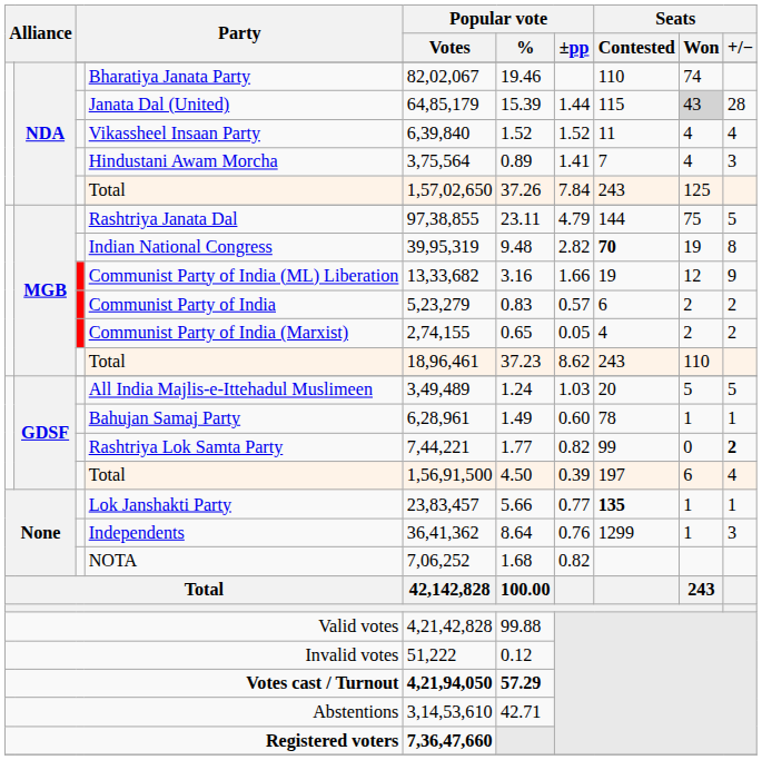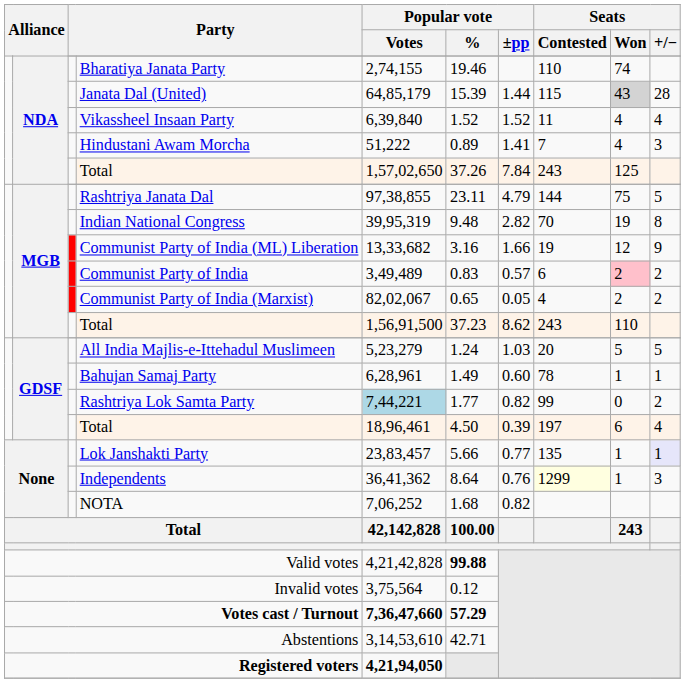 <table class="wikitable sortable">
 <tr>
 <th colspan="2" rowspan="2">Alliance</th>
 <th colspan="2" rowspan="2">Party</th>
 <th colspan="3">Popular vote</th>
 <th colspan="3">Seats</th>
 </tr>
 <tr>
 <th>Votes</th>
 <th>%</th>
 <th>±<a href='#'>pp</a></th>
 <th>Contested</th>
 <th>Won</th>
 <th><strong>+/−</strong></th>
 </tr>
 <tr>
 <td rowspan=6></td>
 <th rowspan=6><a href='#'>NDA</a></th>
 </tr>
 <tr>
 <td></td>
 <td><a href='#'>Bharatiya Janata Party</a></td>
-<td>82,02,067</td>
+<td>2,74,155</td>
 <td>19.46</td>
 <td></td>
 <td>110</td>
 <td>74</td>
 <td></td>
 </tr>
 <tr>
 <td></td>
 <td><a href='#'>Janata Dal (United)</a></td>
 <td>64,85,179</td>
 <td>15.39</td>
 <td>1.44</td>
 <td>115</td>
 <td style="background: lightgrey;">43</td>
 <td> 28</td>
 </tr>
 <tr>
 <td></td>
 <td><a href='#'>Vikassheel Insaan Party</a></td>
 <td>6,39,840</td>
 <td>1.52</td>
 <td>1.52</td>
 <td>11</td>
 <td>4</td>
 <td> 4</td>
 </tr>
 <tr>
 <td></td>
 <td><a href='#'>Hindustani Awam Morcha</a></td>
-<td>3,75,564</td>
+<td>51,222</td>
 <td>0.89</td>
 <td>1.41</td>
 <td>7</td>
 <td>4</td>
 <td>3</td>
 </tr>
 <tr>
 <td></td>
 <td style="color:inherit;background:#fef3e8">Total</td>
 <td style="color:inherit;background:#fef3e8">1,57,02,650</td>
 <td style="color:inherit;background:#fef3e8">37.26</td>
 <td style="color:inherit;background:#fef3e8">7.84</td>
 <td style="color:inherit;background:#fef3e8">243</td>
 <td style="color:inherit;background:#fef3e8">125</td>
 <td style="color:inherit;background:#fef3e8"></td>
 </tr>
 <tr>
 <td rowspan=7></td>
 <th rowspan=7><a href='#'>MGB</a></th>
 </tr>
 <tr>
 <td></td>
 <td><a href='#'>Rashtriya Janata Dal</a></td>
 <td>97,38,855</td>
 <td>23.11</td>
 <td>4.79</td>
 <td>144</td>
 <td>75</td>
 <td> 5</td>
 </tr>
 <tr>
 <td></td>
 <td><a href='#'>Indian National Congress</a></td>
 <td>39,95,319</td>
 <td>9.48</td>
 <td>2.82</td>
-<td><strong>70</strong></td>
+<td>70</td>
 <td>19</td>
 <td> 8</td>
 </tr>
 <tr>
 <td bgcolor="red"></td>
 <td><a href='#'>Communist Party of India (ML) Liberation</a></td>
 <td>13,33,682</td>
 <td>3.16</td>
 <td>1.66</td>
 <td>19</td>
 <td>12</td>
 <td> 9</td>
 </tr>
 <tr>
 <td bgcolor="red"></td>
 <td><a href='#'>Communist Party of India</a></td>
-<td>5,23,279</td>
+<td>3,49,489</td>
 <td>0.83</td>
 <td>0.57</td>
 <td>6</td>
-<td>2</td>
+<td style="background: pink;">2</td>
 <td> 2</td>
 </tr>
 <tr>
 <td bgcolor="red"></td>
 <td><a href='#'>Communist Party of India (Marxist)</a></td>
-<td>2,74,155</td>
+<td>82,02,067</td>
 <td>0.65</td>
 <td>0.05</td>
 <td>4</td>
 <td>2</td>
 <td> 2</td>
 </tr>
 <tr>
 <td></td>
 <td style="color:inherit;background:#fef3e8">Total</td>
-<td style="color:inherit;background:#fef3e8">18,96,461</td>
+<td style="color:inherit;background:#fef3e8">1,56,91,500</td>
 <td style="color:inherit;background:#fef3e8">37.23</td>
 <td style="color:inherit;background:#fef3e8">8.62</td>
 <td style="color:inherit;background:#fef3e8">243</td>
 <td style="color:inherit;background:#fef3e8">110</td>
 <td style="color:inherit;background:#fef3e8"></td>
 </tr>
 <tr>
 <td rowspan=5></td>
 <th rowspan=5><a href='#'>GDSF</a></th>
 </tr>
 <tr>
 <td></td>
 <td><a href='#'>All India Majlis-e-Ittehadul Muslimeen</a></td>
-<td>3,49,489</td>
+<td>5,23,279</td>
 <td>1.24</td>
 <td>1.03</td>
 <td>20</td>
 <td>5</td>
 <td> 5</td>
 </tr>
 <tr>
 <td></td>
 <td><a href='#'>Bahujan Samaj Party</a></td>
 <td>6,28,961</td>
 <td>1.49</td>
 <td>0.60</td>
 <td>78</td>
 <td>1</td>
 <td> 1</td>
 </tr>
 <tr>
 <td></td>
 <td><a href='#'>Rashtriya Lok Samta Party</a></td>
-<td>7,44,221</td>
+<td style="background: lightblue;">7,44,221</td>
 <td>1.77</td>
 <td>0.82</td>
 <td>99</td>
 <td>0</td>
-<td><strong> 2</strong></td>
+<td> 2</td>
 </tr>
 <tr>
 <td></td>
 <td style="color:inherit;background:#fef3e8">Total</td>
-<td style="color:inherit;background:#fef3e8">1,56,91,500</td>
+<td style="color:inherit;background:#fef3e8">18,96,461</td>
 <td style="color:inherit;background:#fef3e8">4.50</td>
 <td style="color:inherit;background:#fef3e8">0.39</td>
 <td style="color:inherit;background:#fef3e8">197</td>
 <td style="color:inherit;background:#fef3e8">6</td>
 <td style="color:inherit;background:#fef3e8">4</td>
 </tr>
 <tr>
 <th colspan="2" rowspan="3">None</th>
 <td></td>
 <td><a href='#'>Lok Janshakti Party</a></td>
 <td>23,83,457</td>
 <td>5.66</td>
 <td>0.77</td>
-<td><strong>135</strong></td>
+<td>135</td>
 <td>1</td>
-<td> 1</td>
+<td style="background: lavender;"> 1</td>
 </tr>
 <tr>
 <td></td>
 <td><a href='#'>Independents</a></td>
 <td>36,41,362</td>
 <td>8.64</td>
 <td>0.76</td>
-<td>1299</td>
+<td style="background: lightyellow;">1299</td>
 <td>1</td>
 <td> 3</td>
 </tr>
 <tr>
 <td></td>
 <td>NOTA</td>
 <td>7,06,252</td>
 <td>1.68</td>
 <td>0.82</td>
 <td></td>
 <td></td>
 <td></td>
 </tr>
 <tr class="unsortable" style="background-color:#E9E9E9">
 <th colspan = 4>Total</th>
 <th>42,142,828</th>
 <th style="text-align:center;">100.00</th>
 <th></th>
 <th></th>
 <th style="text-align:center;">243</th>
 <th></th>
 </tr>
 <tr>
 <th colspan="9"></th>
 <th colspan="10"></th>
 </tr>
 <tr>
 <td style="text-align:right;" colspan="4">Valid votes</td>
 <td>4,21,42,828</td>
-<td>99.88</td>
+<td><strong>99.88</strong></td>
 <td colspan="6" rowspan="5" style="background-color:#E9E9E9"></td>
 </tr>
 <tr>
 <td style="text-align:right;" colspan="4">Invalid votes</td>
-<td>51,222</td>
+<td>3,75,564</td>
 <td>0.12</td>
 </tr>
 <tr>
 <td style="text-align:right;" colspan="4"><strong>Votes cast / Turnout</strong></td>
-<td><strong>4,21,94,050</strong></td>
+<td><strong>7,36,47,660</strong></td>
 <td><strong>57.29</strong></td>
 </tr>
 <tr>
 <td style="text-align:right;" colspan="4">Abstentions</td>
 <td>3,14,53,610</td>
 <td>42.71</td>
 </tr>
 <tr>
 <td style="text-align:right;" colspan="4"><strong>Registered voters</strong></td>
-<td><strong>7,36,47,660</strong></td>
+<td><strong>4,21,94,050</strong></td>
 <td colspan="1" style="background-color:#E9E9E9"></td>
 </tr>
 <tr>
 </tr>
 </table>
